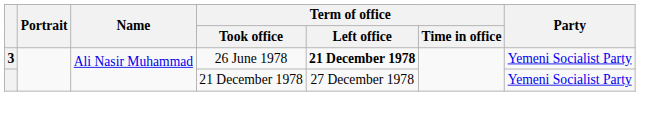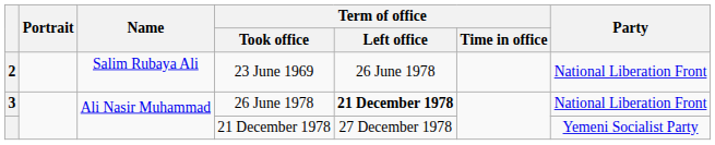 <table class="wikitable" style="text-align:center">
 <tr>
 <th rowspan=2></th>
 <th rowspan=2>Portrait</th>
 <th rowspan=2>Name<br></th>
 <th colspan=3>Term of office</th>
 <th rowspan=2>Party</th>
 </tr>
 <tr>
 <th>Took office</th>
 <th>Left office</th>
 <th>Time in office</th>
 </tr>
 <tr>
+<th style="background:">2</th>
+<td></td>
+<td rowspan=1><a href='#'>Salim Rubaya Ali</a><br><br></td>
+<td rowspan=1>23 June 1969</td>
+<td rowspan=1>26 June 1978</td>
+<td></td>
+<td rowspan=1><a href='#'>National Liberation Front</a><br></td>
+</tr>
+<tr>
 <th style="background:">3</th>
 <td rowspan=2></td>
 <td rowspan=2><a href='#'>Ali Nasir Muhammad</a><br><br></td>
 <td rowspan=1>26 June 1978</td>
 <td rowspan=1><strong>21 December 1978</strong></td>
 <td rowspan=2></td>
-<td rowspan=1><a href='#'>Yemeni Socialist Party</a><br></td>
+<td rowspan=1><a href='#'>National Liberation Front</a><br></td>
 </tr>
 <tr>
 <th style="background:"></th>
 <td rowspan=1>21 December 1978</td>
 <td rowspan=1>27 December 1978</td>
 <td rowspan=1><a href='#'>Yemeni Socialist Party</a><br></td>
 </tr>
 </table>
